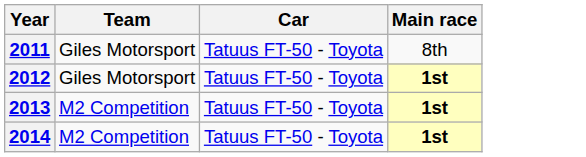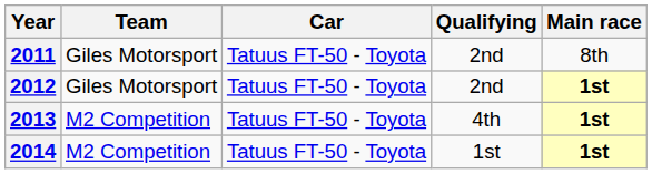 <table class="wikitable" style="text-align:center; font-size:90%">
 <tr>
 <th>Year</th>
 <th>Team</th>
 <th>Car</th>
+<th>Qualifying</th>
 <th>Main race</th>
 </tr>
 <tr>
 <th><a href='#'>2011</a></th>
 <td align="left" nowrap> Giles Motorsport</td>
 <td align="left" nowrap><a href='#'>Tatuus FT-50</a> - <a href='#'>Toyota</a></td>
+<td>2nd</td>
 <td>8th</td>
 </tr>
 <tr>
 <th><a href='#'>2012</a></th>
 <td align="left" nowrap> Giles Motorsport</td>
 <td align="left" nowrap><a href='#'>Tatuus FT-50</a> - <a href='#'>Toyota</a></td>
+<td>2nd</td>
 <td style="background:#FFFFBF"><strong>1st</strong></td>
 </tr>
 <tr>
 <th><a href='#'>2013</a></th>
 <td align="left" nowrap> <a href='#'>M2 Competition</a></td>
 <td align="left" nowrap><a href='#'>Tatuus FT-50</a> - <a href='#'>Toyota</a></td>
+<td>4th</td>
 <td style="background:#FFFFBF"><strong>1st</strong></td>
 </tr>
 <tr>
 <th><a href='#'>2014</a></th>
 <td align="left" nowrap> <a href='#'>M2 Competition</a></td>
 <td align="left" nowrap><a href='#'>Tatuus FT-50</a> - <a href='#'>Toyota</a></td>
+<td>1st</td>
 <td style="background:#FFFFBF"><strong>1st</strong></td>
 </tr>
 </table>
